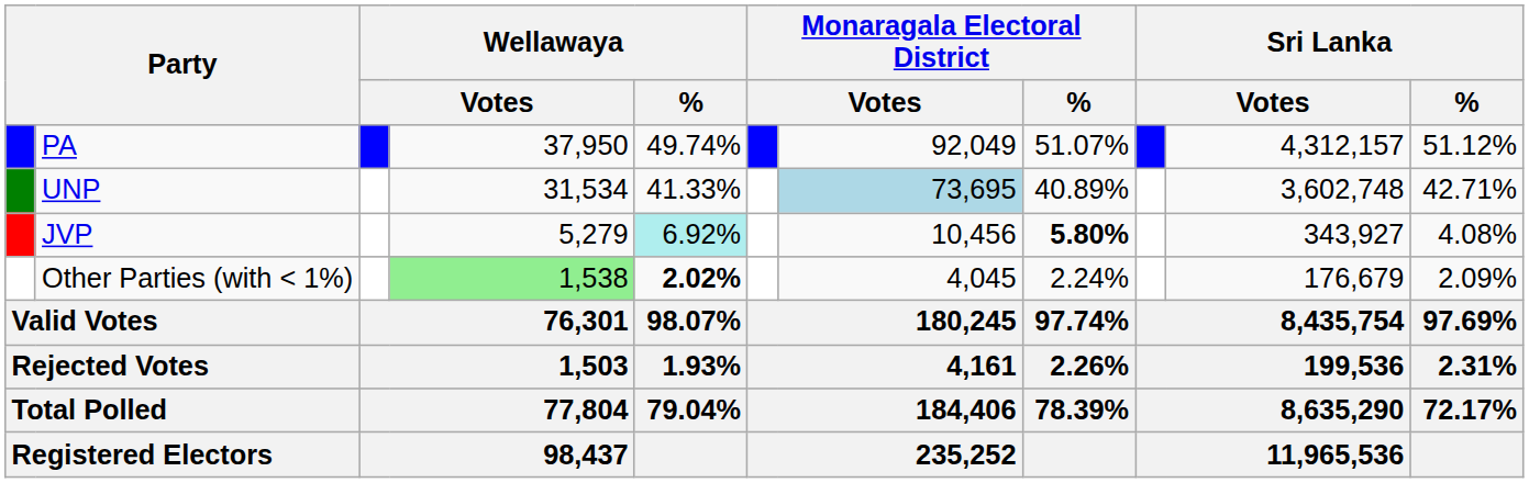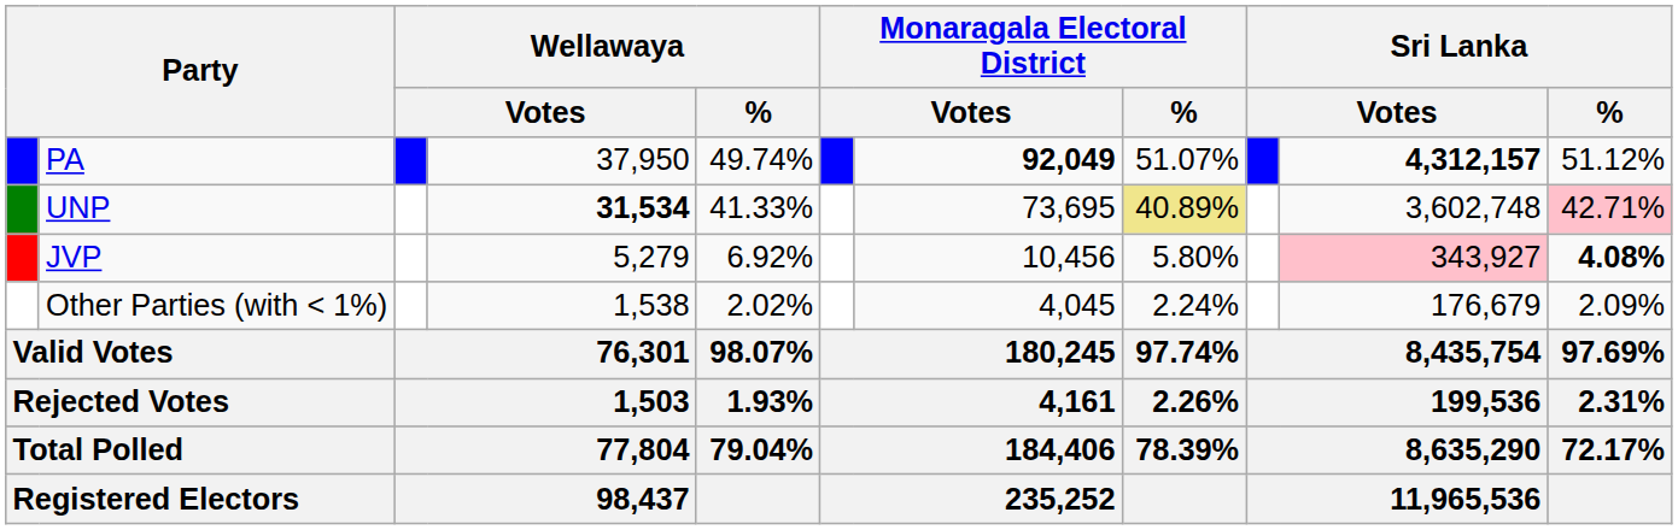 <table class="wikitable">
 <tr>
 <th colspan="2" width="144px"rowspan="2">Party</th>
 <th colspan="3" width="216px">Wellawaya</th>
 <th colspan="3" width="216px"><a href='#'>Monaragala Electoral District</a></th>
 <th colspan="3" width="216px">Sri Lanka</th>
 </tr>
 <tr>
 <th colspan="2" width="144px">Votes</th>
 <th>%</th>
 <th colspan="2" width="144px">Votes</th>
 <th>%</th>
 <th colspan="2" width="144px">Votes</th>
 <th>%</th>
 </tr>
 <tr>
 <td style="background-color:blue;" width="10px"></td>
 <td style="text-align:left;"><a href='#'>PA</a></td>
 <td style="background-color:blue;" width="10px"></td>
 <td style="text-align:right;">37,950</td>
 <td style="text-align:right;">49.74%</td>
 <td style="background-color:blue;" width="10px"></td>
-<td style="text-align:right;">92,049</td>
+<td style="text-align:right;"><strong>92,049</strong></td>
 <td style="text-align:right;">51.07%</td>
 <td style="background-color:blue;" width="10px"></td>
-<td style="text-align:right;">4,312,157</td>
+<td style="text-align:right;"><strong>4,312,157</strong></td>
 <td style="text-align:right;">51.12%</td>
 </tr>
 <tr>
 <td style="background-color:green;" width="10px"></td>
 <td style="text-align:left;"><a href='#'>UNP</a></td>
 <td style="background-color:white;" width="10px"></td>
-<td style="text-align:right;">31,534</td>
+<td style="text-align:right;"><strong>31,534</strong></td>
 <td style="text-align:right;">41.33%</td>
 <td style="background-color:white;" width="10px"></td>
-<td style="background: lightblue; text-align:right;">73,695</td>
-<td style="text-align:right;">40.89%</td>
+<td style="text-align:right;">73,695</td>
+<td style="background: khaki; text-align:right;">40.89%</td>
 <td style="background-color:white;" width="10px"></td>
 <td style="text-align:right;">3,602,748</td>
-<td style="text-align:right;">42.71%</td>
+<td style="background: pink; text-align:right;">42.71%</td>
 </tr>
 <tr>
 <td style="background-color:red;" width="10px"></td>
 <td style="text-align:left;"><a href='#'>JVP</a></td>
 <td style="background-color:white;" width="10px"></td>
 <td style="text-align:right;">5,279</td>
-<td style="background: paleturquoise; text-align:right;">6.92%</td>
+<td style="text-align:right;">6.92%</td>
 <td style="background-color:white;" width="10px"></td>
 <td style="text-align:right;">10,456</td>
-<td style="text-align:right;"><strong>5.80%</strong></td>
+<td style="text-align:right;">5.80%</td>
 <td style="background-color:white;" width="10px"></td>
-<td style="text-align:right;">343,927</td>
-<td style="text-align:right;">4.08%</td>
+<td style="background: pink; text-align:right;">343,927</td>
+<td style="text-align:right;"><strong>4.08%</strong></td>
 </tr>
 <tr>
 <td style="background-color:white;" width="10px"></td>
 <td style="text-align:left;">Other Parties (with < 1%)</td>
 <td style="background-color:white;" width="10px"></td>
-<td style="background: lightgreen; text-align:right;">1,538</td>
-<td style="text-align:right;"><strong>2.02%</strong></td>
+<td style="text-align:right;">1,538</td>
+<td style="text-align:right;">2.02%</td>
 <td style="background-color:white;" width="10px"></td>
 <td style="text-align:right;">4,045</td>
 <td style="text-align:right;">2.24%</td>
 <td style="background-color:white;" width="10px"></td>
 <td style="text-align:right;">176,679</td>
 <td style="text-align:right;">2.09%</td>
 </tr>
 <tr>
 <th colspan="2" width="144px"style="text-align:left;">Valid Votes</th>
 <th style="text-align:right;"colspan="2" width="144px">76,301</th>
 <th style="text-align:right;">98.07%</th>
 <th style="text-align:right;"colspan="2" width="144px">180,245</th>
 <th style="text-align:right;">97.74%</th>
 <th style="text-align:right;"colspan="2" width="144px">8,435,754</th>
 <th style="text-align:right;">97.69%</th>
 </tr>
 <tr>
 <th colspan="2" width="144px"style="text-align:left;">Rejected Votes</th>
 <th style="text-align:right;"colspan="2" width="144px">1,503</th>
 <th style="text-align:right;">1.93%</th>
 <th style="text-align:right;"colspan="2" width="144px">4,161</th>
 <th style="text-align:right;">2.26%</th>
 <th style="text-align:right;"colspan="2" width="144px">199,536</th>
 <th style="text-align:right;">2.31%</th>
 </tr>
 <tr>
 <th colspan="2" width="144px"style="text-align:left;">Total Polled</th>
 <th style="text-align:right;"colspan="2" width="144px">77,804</th>
 <th style="text-align:right;">79.04%</th>
 <th style="text-align:right;"colspan="2" width="144px">184,406</th>
 <th style="text-align:right;">78.39%</th>
 <th style="text-align:right;"colspan="2" width="144px">8,635,290</th>
 <th style="text-align:right;">72.17%</th>
 </tr>
 <tr>
 <th colspan="2" width="144px"style="text-align:left;">Registered Electors</th>
 <th style="text-align:right;"colspan="2" width="144px">98,437</th>
 <th></th>
 <th style="text-align:right;"colspan="2" width="144px">235,252</th>
 <th></th>
 <th style="text-align:right;"colspan="2" width="144px">11,965,536</th>
 <th></th>
 </tr>
 </table>
